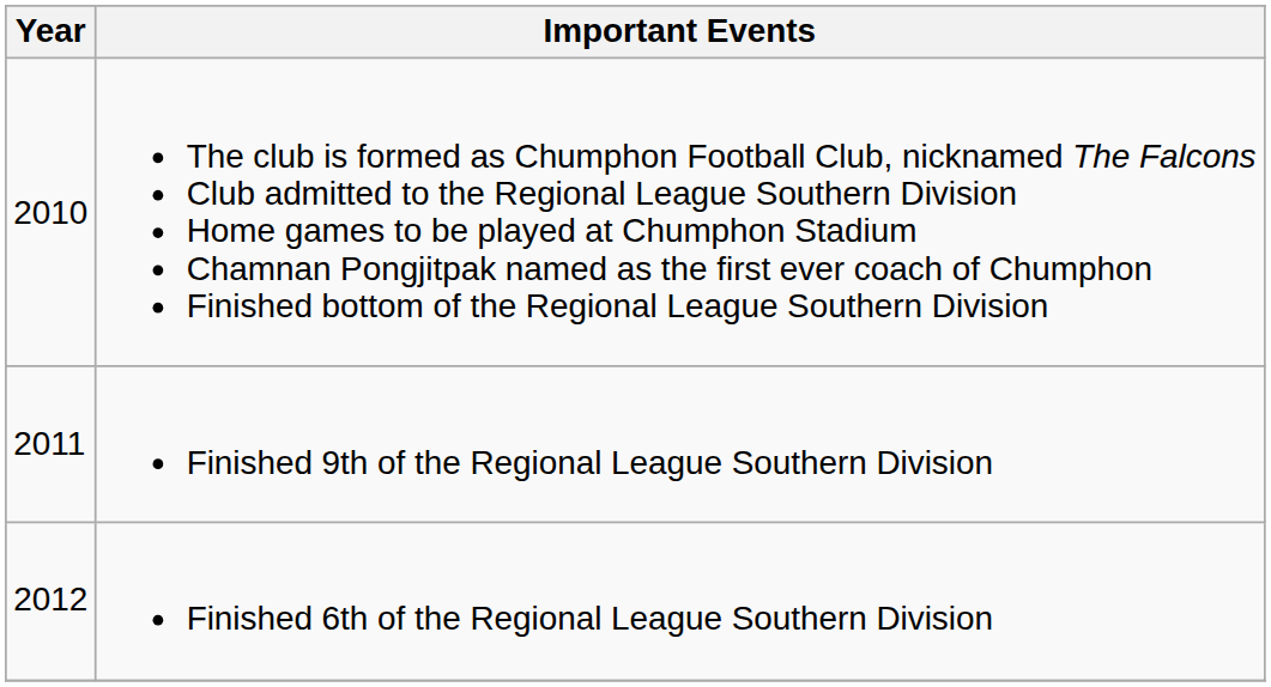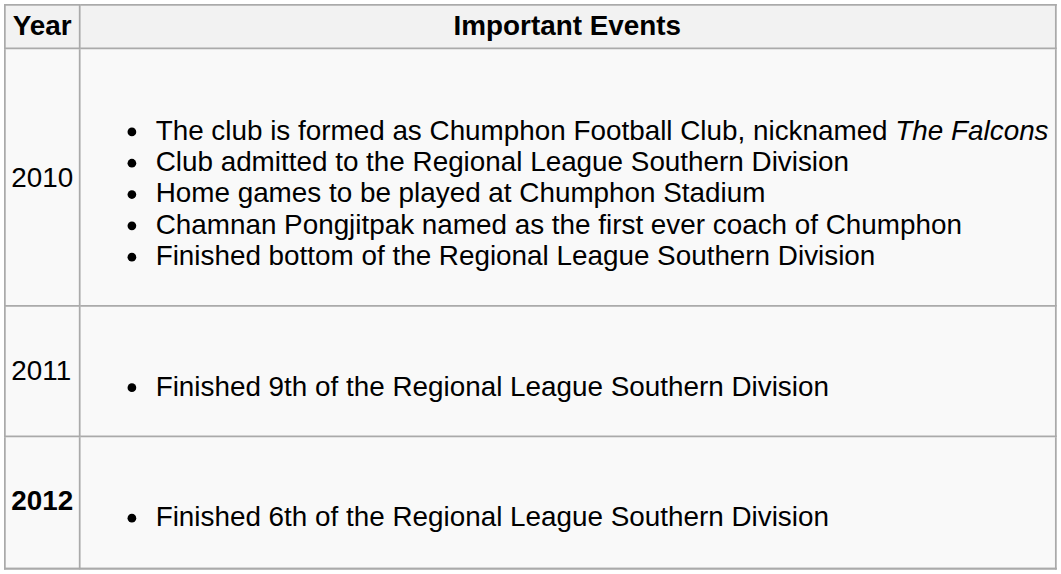 <table class="wikitable">
 <tr>
 <th>Year</th>
 <th>Important Events</th>
 </tr>
 <tr>
 <td>2010</td>
 <td><br><ul><li>The club is formed as Chumphon Football Club, nicknamed <em>The Falcons</em></li><li>Club admitted to the Regional League Southern Division</li><li>Home games to be played at Chumphon Stadium</li><li>Chamnan Pongjitpak named as the first ever coach of Chumphon</li><li>Finished bottom of the Regional League Southern Division</li></ul></td>
 </tr>
 <tr>
 <td>2011</td>
 <td><br><ul><li>Finished 9th of the Regional League Southern Division</li></ul></td>
 </tr>
 <tr>
-<td>2012</td>
+<td><strong>2012</strong></td>
 <td><br><ul><li>Finished 6th of the Regional League Southern Division</li></ul></td>
 </tr>
 <tr>
 </tr>
 </table>
